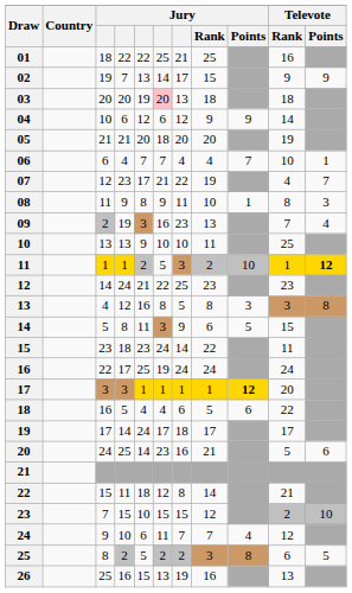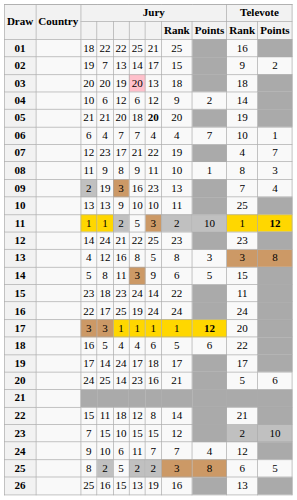 <table class="sortable wikitable collapsible plainrowheaders" style="text-align:center;">
 <tr>
 </tr>
 <tr>
 <th scope="col" rowspan="2">Draw</th>
 <th scope="col" rowspan="2">Country</th>
 <th scope="col" colspan="7">Jury</th>
 <th scope="col" colspan="2">Televote</th>
 </tr>
 <tr>
 <th scope="col"></th>
 <th scope="col"></th>
 <th scope="col"></th>
 <th scope="col"></th>
 <th scope="col"></th>
 <th scope="col">Rank</th>
 <th scope="col">Points</th>
 <th scope="col">Rank</th>
 <th scope="col">Points</th>
 </tr>
 <tr>
 <th scope="row" style="text-align:center;">01</th>
 <td style="text-align:left;"></td>
 <td>18</td>
 <td>22</td>
 <td>22</td>
 <td>25</td>
 <td>21</td>
 <td>25</td>
 <td style="background:#AAAAAA;"></td>
 <td>16</td>
 <td style="background:#AAAAAA;"></td>
 </tr>
 <tr>
 <th scope="row" style="text-align:center;">02</th>
 <td style="text-align:left;"></td>
 <td>19</td>
 <td>7</td>
 <td>13</td>
 <td>14</td>
 <td>17</td>
 <td>15</td>
 <td style="background:#AAAAAA;"></td>
 <td>9</td>
-<td>9</td>
+<td>2</td>
 </tr>
 <tr>
 <th scope="row" style="text-align:center;">03</th>
 <td style="text-align:left;"></td>
 <td>20</td>
 <td>20</td>
 <td>19</td>
 <td style="background: pink;">20</td>
 <td>13</td>
 <td>18</td>
 <td style="background:#AAAAAA;"></td>
 <td>18</td>
 <td style="background:#AAAAAA;"></td>
 </tr>
 <tr>
 <th scope="row" style="text-align:center;">04</th>
 <td style="text-align:left;"></td>
 <td>10</td>
 <td>6</td>
 <td>12</td>
 <td>6</td>
 <td>12</td>
 <td>9</td>
-<td>9</td>
+<td>2</td>
 <td>14</td>
 <td style="background:#AAAAAA;"></td>
 </tr>
 <tr>
 <th scope="row" style="text-align:center;">05</th>
 <td style="text-align:left;"></td>
 <td>21</td>
 <td>21</td>
 <td>20</td>
 <td>18</td>
-<td>20</td>
+<td><strong>20</strong></td>
 <td>20</td>
 <td style="background:#AAAAAA;"></td>
 <td>19</td>
 <td style="background:#AAAAAA;"></td>
 </tr>
 <tr>
 <th scope="row" style="text-align:center;">06</th>
 <td style="text-align:left;"></td>
 <td>6</td>
 <td>4</td>
 <td>7</td>
 <td>7</td>
 <td>4</td>
 <td>4</td>
 <td>7</td>
 <td>10</td>
 <td>1</td>
 </tr>
 <tr>
 <th scope="row" style="text-align:center;">07</th>
 <td style="text-align:left;"></td>
 <td>12</td>
 <td>23</td>
 <td>17</td>
 <td>21</td>
 <td>22</td>
 <td>19</td>
 <td style="background:#AAAAAA;"></td>
 <td>4</td>
 <td>7</td>
 </tr>
 <tr>
 <th scope="row" style="text-align:center;">08</th>
 <td style="text-align:left;"></td>
 <td>11</td>
 <td>9</td>
 <td>8</td>
 <td>9</td>
 <td>11</td>
 <td>10</td>
 <td>1</td>
 <td>8</td>
 <td>3</td>
 </tr>
 <tr>
 <th scope="row" style="text-align:center;">09</th>
 <td style="text-align:left;"></td>
 <td style="background:silver;">2</td>
 <td>19</td>
 <td style="background:#CC9966;">3</td>
 <td>16</td>
 <td>23</td>
 <td>13</td>
 <td style="background:#AAAAAA;"></td>
 <td>7</td>
 <td>4</td>
 </tr>
 <tr>
 <th scope="row" style="text-align:center;">10</th>
 <td style="text-align:left;"></td>
 <td>13</td>
 <td>13</td>
 <td>9</td>
 <td>10</td>
 <td>10</td>
 <td>11</td>
 <td style="background:#AAAAAA;"></td>
 <td>25</td>
 <td style="background:#AAAAAA;"></td>
 </tr>
 <tr>
 <th scope="row" style="text-align:center;">11</th>
 <td style="text-align:left;"></td>
 <td style="background:gold;">1</td>
 <td style="background:gold;">1</td>
 <td style="background:silver;">2</td>
 <td>5</td>
 <td style="background:#CC9966;">3</td>
 <td style="background:silver;">2</td>
 <td style="background:silver;">10</td>
 <td style="background:gold;">1</td>
 <td style="background:gold;"><strong>12</strong></td>
 </tr>
 <tr>
 <th scope="row" style="text-align:center;">12</th>
 <td style="text-align:left;"></td>
 <td>14</td>
 <td>24</td>
 <td>21</td>
 <td>22</td>
 <td>25</td>
 <td>23</td>
 <td style="background:#AAAAAA;"></td>
 <td>23</td>
 <td style="background:#AAAAAA;"></td>
 </tr>
 <tr>
 <th scope="row" style="text-align:center;">13</th>
 <td style="text-align:left;"></td>
 <td>4</td>
 <td>12</td>
 <td>16</td>
 <td>8</td>
 <td>5</td>
 <td>8</td>
 <td>3</td>
 <td style="background:#CC9966;">3</td>
 <td style="background:#CC9966;">8</td>
 </tr>
 <tr>
 <th scope="row" style="text-align:center;">14</th>
 <td style="text-align:left;"></td>
 <td>5</td>
 <td>8</td>
 <td>11</td>
 <td style="background:#CC9966;">3</td>
 <td>9</td>
 <td>6</td>
 <td>5</td>
 <td>15</td>
 <td style="background:#AAAAAA;"></td>
 </tr>
 <tr>
 <th scope="row" style="text-align:center;">15</th>
 <td style="text-align:left;"></td>
 <td>23</td>
 <td>18</td>
 <td>23</td>
 <td>24</td>
 <td>14</td>
 <td>22</td>
 <td style="background:#AAAAAA;"></td>
 <td>11</td>
 <td style="background:#AAAAAA;"></td>
 </tr>
 <tr>
 <th scope="row" style="text-align:center;">16</th>
 <td style="text-align:left;"></td>
 <td>22</td>
 <td>17</td>
 <td>25</td>
 <td>19</td>
 <td>24</td>
 <td>24</td>
 <td style="background:#AAAAAA;"></td>
 <td>24</td>
 <td style="background:#AAAAAA;"></td>
 </tr>
 <tr>
 <th scope="row" style="text-align:center;">17</th>
 <td style="text-align:left;"></td>
 <td style="background:#CC9966;">3</td>
 <td style="background:#CC9966;">3</td>
 <td style="background:gold;">1</td>
 <td style="background:gold;">1</td>
 <td style="background:gold;">1</td>
 <td style="background:gold;">1</td>
 <td style="background:gold;"><strong>12</strong></td>
 <td>20</td>
 <td style="background:#AAAAAA;"></td>
 </tr>
 <tr>
 <th scope="row" style="text-align:center;">18</th>
 <td style="text-align:left;"></td>
 <td>16</td>
 <td>5</td>
 <td>4</td>
 <td>4</td>
 <td>6</td>
 <td>5</td>
 <td>6</td>
 <td>22</td>
 <td style="background:#AAAAAA;"></td>
 </tr>
 <tr>
 <th scope="row" style="text-align:center;">19</th>
 <td style="text-align:left;"></td>
 <td>17</td>
 <td>14</td>
 <td>24</td>
 <td>17</td>
 <td>18</td>
 <td>17</td>
 <td style="background:#AAAAAA;"></td>
 <td>17</td>
 <td style="background:#AAAAAA;"></td>
 </tr>
 <tr>
 <th scope="row" style="text-align:center;">20</th>
 <td style="text-align:left;"></td>
 <td>24</td>
 <td>25</td>
 <td>14</td>
 <td>23</td>
 <td>16</td>
 <td>21</td>
 <td style="background:#AAAAAA;"></td>
 <td>5</td>
 <td>6</td>
 </tr>
 <tr class="sortbottom">
 <th scope="row" style="text-align:center;">21</th>
 <td style="text-align:left;"></td>
 <td style="background:#AAAAAA;"></td>
 <td style="background:#AAAAAA;"></td>
 <td style="background:#AAAAAA;"></td>
 <td style="background:#AAAAAA;"></td>
 <td style="background:#AAAAAA;"></td>
 <td style="background:#AAAAAA;"></td>
 <td style="background:#AAAAAA;"></td>
 <td style="background:#AAAAAA;"></td>
 <td style="background:#AAAAAA;"></td>
 </tr>
 <tr>
 <th scope="row" style="text-align:center;">22</th>
 <td style="text-align:left;"></td>
 <td>15</td>
 <td>11</td>
 <td>18</td>
 <td>12</td>
 <td>8</td>
 <td>14</td>
 <td style="background:#AAAAAA;"></td>
 <td>21</td>
 <td style="background:#AAAAAA;"></td>
 </tr>
 <tr>
 <th scope="row" style="text-align:center;">23</th>
 <td style="text-align:left;"></td>
 <td>7</td>
 <td>15</td>
 <td>10</td>
 <td>15</td>
 <td>15</td>
 <td>12</td>
 <td style="background:#AAAAAA;"></td>
 <td style="background:silver;">2</td>
 <td style="background:silver;">10</td>
 </tr>
 <tr>
 <th scope="row" style="text-align:center;">24</th>
 <td style="text-align:left;"></td>
 <td>9</td>
 <td>10</td>
 <td>6</td>
 <td>11</td>
 <td>7</td>
 <td>7</td>
 <td>4</td>
 <td>12</td>
 <td style="background:#AAAAAA;"></td>
 </tr>
 <tr>
 <th scope="row" style="text-align:center;">25</th>
 <td style="text-align:left;"></td>
 <td>8</td>
 <td style="background:silver;">2</td>
 <td>5</td>
 <td style="background:silver;">2</td>
 <td style="background:silver;">2</td>
 <td style="background:#CC9966;">3</td>
 <td style="background:#CC9966;">8</td>
 <td>6</td>
 <td>5</td>
 </tr>
 <tr>
 <th scope="row" style="text-align:center;">26</th>
 <td style="text-align:left;"></td>
 <td>25</td>
 <td>16</td>
 <td>15</td>
 <td>13</td>
 <td>19</td>
 <td>16</td>
 <td style="background:#AAAAAA;"></td>
 <td>13</td>
 <td style="background:#AAAAAA;"></td>
 </tr>
 </table>
